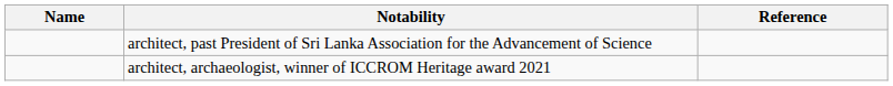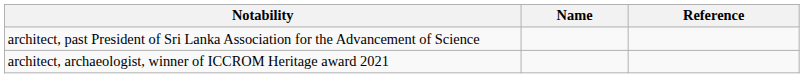 <table class="wikitable sortable" style="width:100%">
 <tr>
+<th style="width:65%;" class="unsortable">Notability</th>
 <th style="width:*;">Name</th>
-<th style="width:65%;" class="unsortable">Notability</th>
 <th style="width:*;" class="unsortable">Reference</th>
 </tr>
 <tr>
+<td>architect, past President of Sri Lanka Association for the Advancement of Science</td>
 <td></td>
-<td>architect, past President of Sri Lanka Association for the Advancement of Science</td>
 <td style="text-align:center;"></td>
 </tr>
 <tr>
+<td>architect, archaeologist, winner of ICCROM Heritage award 2021</td>
 <td></td>
-<td>architect, archaeologist, winner of ICCROM Heritage award 2021</td>
 <td style="text-align:center;"></td>
 </tr>
 </table>
